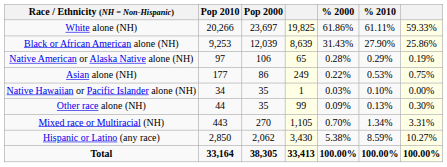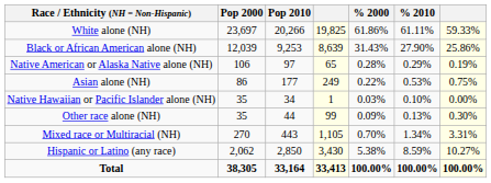 <table class="wikitable" style="text-align:center;">
 <tr>
 <th>Race / Ethnicity <small>(<em>NH = Non-Hispanic</em>)</small></th>
+<th>Pop 2000</th>
 <th>Pop 2010</th>
-<th>Pop 2000</th>
 <th></th>
 <th>% 2000</th>
 <th>% 2010</th>
 <th></th>
 </tr>
 <tr>
 <td><a href='#'>White</a> alone (NH)</td>
+<td>23,697</td>
 <td>20,266</td>
-<td>23,697</td>
 <td style='background: #ffffe6;'>19,825</td>
 <td>61.86%</td>
 <td>61.11%</td>
 <td style='background: #ffffe6;'>59.33%</td>
 </tr>
 <tr>
 <td><a href='#'>Black or African American</a> alone (NH)</td>
+<td>12,039</td>
 <td>9,253</td>
-<td>12,039</td>
 <td style='background: #ffffe6;'>8,639</td>
 <td>31.43%</td>
 <td>27.90%</td>
 <td style='background: #ffffe6;'>25.86%</td>
 </tr>
 <tr>
 <td><a href='#'>Native American</a> or <a href='#'>Alaska Native</a> alone (NH)</td>
+<td>106</td>
 <td>97</td>
-<td>106</td>
 <td style='background: #ffffe6;'>65</td>
 <td>0.28%</td>
 <td>0.29%</td>
 <td style='background: #ffffe6;'>0.19%</td>
 </tr>
 <tr>
 <td><a href='#'>Asian</a> alone (NH)</td>
+<td>86</td>
 <td>177</td>
-<td>86</td>
 <td style='background: #ffffe6;'>249</td>
 <td>0.22%</td>
 <td>0.53%</td>
 <td style='background: #ffffe6;'>0.75%</td>
 </tr>
 <tr>
 <td><a href='#'>Native Hawaiian</a> or <a href='#'>Pacific Islander</a> alone (NH)</td>
+<td>35</td>
 <td>34</td>
-<td>35</td>
 <td style='background: #ffffe6;'>1</td>
 <td>0.03%</td>
 <td>0.10%</td>
 <td style='background: #ffffe6;'>0.00%</td>
 </tr>
 <tr>
 <td><a href='#'>Other race</a> alone (NH)</td>
+<td>35</td>
 <td>44</td>
-<td>35</td>
 <td style='background: #ffffe6;'>99</td>
 <td>0.09%</td>
 <td>0.13%</td>
 <td style='background: #ffffe6;'>0.30%</td>
 </tr>
 <tr>
 <td><a href='#'>Mixed race or Multiracial</a> (NH)</td>
+<td>270</td>
 <td>443</td>
-<td>270</td>
 <td style='background: #ffffe6;'>1,105</td>
 <td>0.70%</td>
 <td>1.34%</td>
 <td style='background: #ffffe6;'>3.31%</td>
 </tr>
 <tr>
 <td><a href='#'>Hispanic or Latino</a> (any race)</td>
+<td>2,062</td>
 <td>2,850</td>
-<td>2,062</td>
 <td style='background: #ffffe6;'>3,430</td>
 <td>5.38%</td>
 <td>8.59%</td>
 <td style='background: #ffffe6;'>10.27%</td>
 </tr>
 <tr>
 <td><strong>Total</strong></td>
+<td><strong>38,305</strong></td>
 <td><strong>33,164</strong></td>
-<td><strong>38,305</strong></td>
 <td style='background: #ffffe6;'><strong>33,413</strong></td>
 <td><strong>100.00%</strong></td>
 <td><strong>100.00%</strong></td>
 <td style='background: #ffffe6;'><strong>100.00%</strong></td>
 </tr>
 </table>
